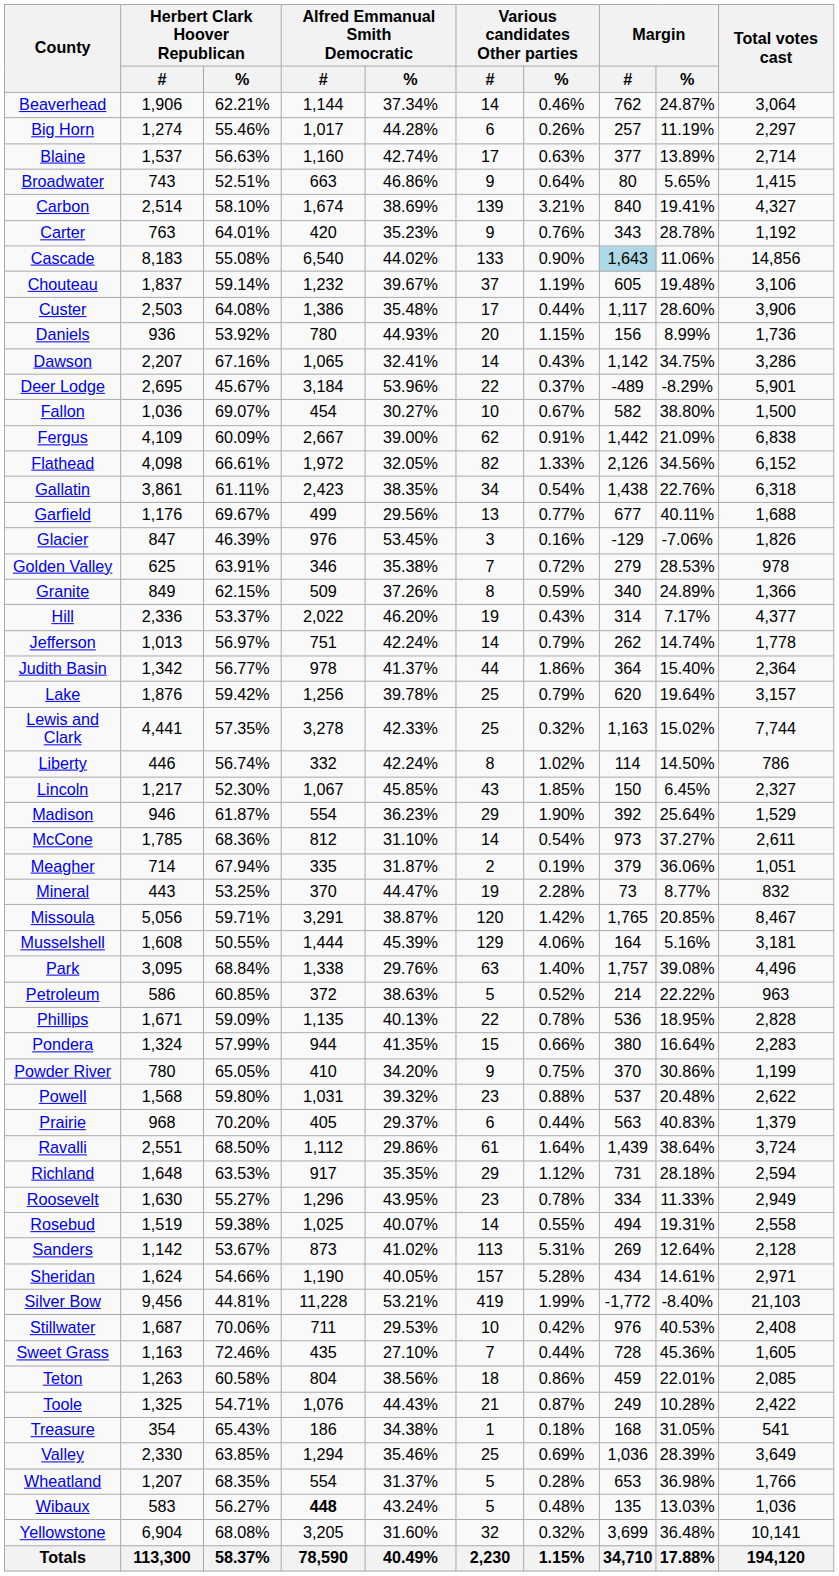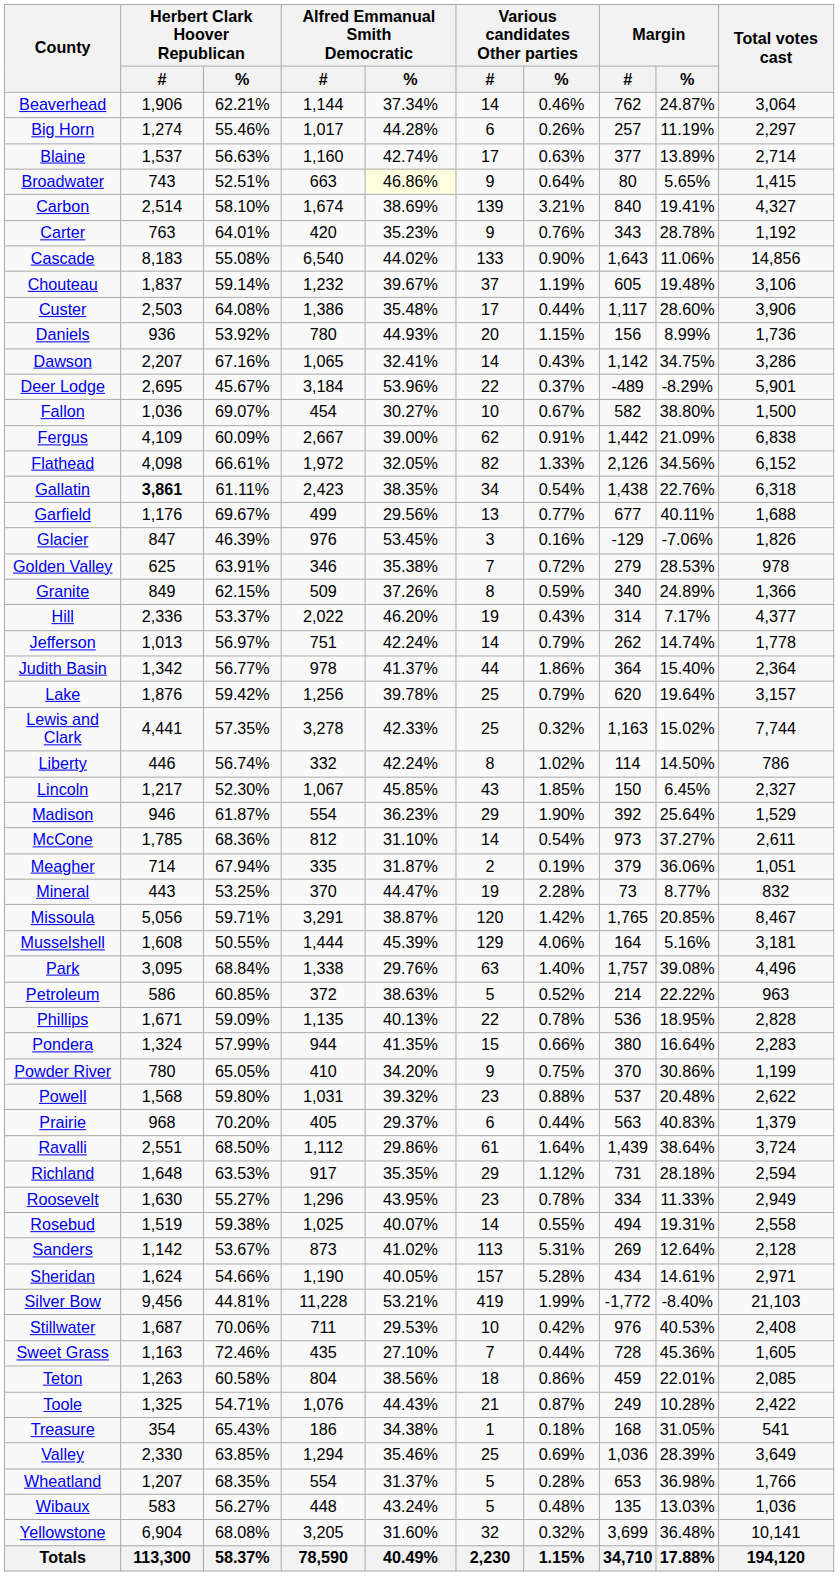 <table width="65%"  class="wikitable sortable" style="text-align:center">
 <tr>
 <th colspan="1" rowspan="2">County</th>
 <th style="text-align:center;" colspan="2">Herbert Clark Hoover<br>Republican</th>
 <th style="text-align:center;" colspan="2">Alfred Emmanual Smith<br> Democratic</th>
 <th style="text-align:center;" colspan="2">Various candidates<br>Other parties</th>
 <th style="text-align:center;" colspan="2">Margin</th>
 <th colspan="1" rowspan="2" style="text-align:center;">Total votes cast</th>
 </tr>
 <tr>
 <th style="text-align:center;" data-sort-type="number">#</th>
 <th style="text-align:center;" data-sort-type="number">%</th>
 <th style="text-align:center;" data-sort-type="number">#</th>
 <th style="text-align:center;" data-sort-type="number">%</th>
 <th style="text-align:center;" data-sort-type="number">#</th>
 <th style="text-align:center;" data-sort-type="number">%</th>
 <th style="text-align:center;" data-sort-type="number">#</th>
 <th style="text-align:center;" data-sort-type="number">%</th>
 </tr>
 <tr style="text-align:center;">
 <td><a href='#'>Beaverhead</a></td>
 <td>1,906</td>
 <td>62.21%</td>
 <td>1,144</td>
 <td>37.34%</td>
 <td>14</td>
 <td>0.46%</td>
 <td>762</td>
 <td>24.87%</td>
 <td>3,064</td>
 </tr>
 <tr style="text-align:center;">
 <td><a href='#'>Big Horn</a></td>
 <td>1,274</td>
 <td>55.46%</td>
 <td>1,017</td>
 <td>44.28%</td>
 <td>6</td>
 <td>0.26%</td>
 <td>257</td>
 <td>11.19%</td>
 <td>2,297</td>
 </tr>
 <tr style="text-align:center;">
 <td><a href='#'>Blaine</a></td>
 <td>1,537</td>
 <td>56.63%</td>
 <td>1,160</td>
 <td>42.74%</td>
 <td>17</td>
 <td>0.63%</td>
 <td>377</td>
 <td>13.89%</td>
 <td>2,714</td>
 </tr>
 <tr style="text-align:center;">
 <td><a href='#'>Broadwater</a></td>
 <td>743</td>
 <td>52.51%</td>
 <td>663</td>
-<td>46.86%</td>
+<td style="background: lightyellow;">46.86%</td>
 <td>9</td>
 <td>0.64%</td>
 <td>80</td>
 <td>5.65%</td>
 <td>1,415</td>
 </tr>
 <tr style="text-align:center;">
 <td><a href='#'>Carbon</a></td>
 <td>2,514</td>
 <td>58.10%</td>
 <td>1,674</td>
 <td>38.69%</td>
 <td>139</td>
 <td>3.21%</td>
 <td>840</td>
 <td>19.41%</td>
 <td>4,327</td>
 </tr>
 <tr style="text-align:center;">
 <td><a href='#'>Carter</a></td>
 <td>763</td>
 <td>64.01%</td>
 <td>420</td>
 <td>35.23%</td>
 <td>9</td>
 <td>0.76%</td>
 <td>343</td>
 <td>28.78%</td>
 <td>1,192</td>
 </tr>
 <tr style="text-align:center;">
 <td><a href='#'>Cascade</a></td>
 <td>8,183</td>
 <td>55.08%</td>
 <td>6,540</td>
 <td>44.02%</td>
 <td>133</td>
 <td>0.90%</td>
-<td style="background: lightblue;">1,643</td>
+<td>1,643</td>
 <td>11.06%</td>
 <td>14,856</td>
 </tr>
 <tr style="text-align:center;">
 <td><a href='#'>Chouteau</a></td>
 <td>1,837</td>
 <td>59.14%</td>
 <td>1,232</td>
 <td>39.67%</td>
 <td>37</td>
 <td>1.19%</td>
 <td>605</td>
 <td>19.48%</td>
 <td>3,106</td>
 </tr>
 <tr style="text-align:center;">
 <td><a href='#'>Custer</a></td>
 <td>2,503</td>
 <td>64.08%</td>
 <td>1,386</td>
 <td>35.48%</td>
 <td>17</td>
 <td>0.44%</td>
 <td>1,117</td>
 <td>28.60%</td>
 <td>3,906</td>
 </tr>
 <tr style="text-align:center;">
 <td><a href='#'>Daniels</a></td>
 <td>936</td>
 <td>53.92%</td>
 <td>780</td>
 <td>44.93%</td>
 <td>20</td>
 <td>1.15%</td>
 <td>156</td>
 <td>8.99%</td>
 <td>1,736</td>
 </tr>
 <tr style="text-align:center;">
 <td><a href='#'>Dawson</a></td>
 <td>2,207</td>
 <td>67.16%</td>
 <td>1,065</td>
 <td>32.41%</td>
 <td>14</td>
 <td>0.43%</td>
 <td>1,142</td>
 <td>34.75%</td>
 <td>3,286</td>
 </tr>
 <tr style="text-align:center;">
 <td><a href='#'>Deer Lodge</a></td>
 <td>2,695</td>
 <td>45.67%</td>
 <td>3,184</td>
 <td>53.96%</td>
 <td>22</td>
 <td>0.37%</td>
 <td>-489</td>
 <td>-8.29%</td>
 <td>5,901</td>
 </tr>
 <tr style="text-align:center;">
 <td><a href='#'>Fallon</a></td>
 <td>1,036</td>
 <td>69.07%</td>
 <td>454</td>
 <td>30.27%</td>
 <td>10</td>
 <td>0.67%</td>
 <td>582</td>
 <td>38.80%</td>
 <td>1,500</td>
 </tr>
 <tr style="text-align:center;">
 <td><a href='#'>Fergus</a></td>
 <td>4,109</td>
 <td>60.09%</td>
 <td>2,667</td>
 <td>39.00%</td>
 <td>62</td>
 <td>0.91%</td>
 <td>1,442</td>
 <td>21.09%</td>
 <td>6,838</td>
 </tr>
 <tr style="text-align:center;">
 <td><a href='#'>Flathead</a></td>
 <td>4,098</td>
 <td>66.61%</td>
 <td>1,972</td>
 <td>32.05%</td>
 <td>82</td>
 <td>1.33%</td>
 <td>2,126</td>
 <td>34.56%</td>
 <td>6,152</td>
 </tr>
 <tr style="text-align:center;">
 <td><a href='#'>Gallatin</a></td>
-<td>3,861</td>
+<td><strong>3,861</strong></td>
 <td>61.11%</td>
 <td>2,423</td>
 <td>38.35%</td>
 <td>34</td>
 <td>0.54%</td>
 <td>1,438</td>
 <td>22.76%</td>
 <td>6,318</td>
 </tr>
 <tr style="text-align:center;">
 <td><a href='#'>Garfield</a></td>
 <td>1,176</td>
 <td>69.67%</td>
 <td>499</td>
 <td>29.56%</td>
 <td>13</td>
 <td>0.77%</td>
 <td>677</td>
 <td>40.11%</td>
 <td>1,688</td>
 </tr>
 <tr style="text-align:center;">
 <td><a href='#'>Glacier</a></td>
 <td>847</td>
 <td>46.39%</td>
 <td>976</td>
 <td>53.45%</td>
 <td>3</td>
 <td>0.16%</td>
 <td>-129</td>
 <td>-7.06%</td>
 <td>1,826</td>
 </tr>
 <tr style="text-align:center;">
 <td><a href='#'>Golden Valley</a></td>
 <td>625</td>
 <td>63.91%</td>
 <td>346</td>
 <td>35.38%</td>
 <td>7</td>
 <td>0.72%</td>
 <td>279</td>
 <td>28.53%</td>
 <td>978</td>
 </tr>
 <tr style="text-align:center;">
 <td><a href='#'>Granite</a></td>
 <td>849</td>
 <td>62.15%</td>
 <td>509</td>
 <td>37.26%</td>
 <td>8</td>
 <td>0.59%</td>
 <td>340</td>
 <td>24.89%</td>
 <td>1,366</td>
 </tr>
 <tr style="text-align:center;">
 <td><a href='#'>Hill</a></td>
 <td>2,336</td>
 <td>53.37%</td>
 <td>2,022</td>
 <td>46.20%</td>
 <td>19</td>
 <td>0.43%</td>
 <td>314</td>
 <td>7.17%</td>
 <td>4,377</td>
 </tr>
 <tr style="text-align:center;">
 <td><a href='#'>Jefferson</a></td>
 <td>1,013</td>
 <td>56.97%</td>
 <td>751</td>
 <td>42.24%</td>
 <td>14</td>
 <td>0.79%</td>
 <td>262</td>
 <td>14.74%</td>
 <td>1,778</td>
 </tr>
 <tr style="text-align:center;">
 <td><a href='#'>Judith Basin</a></td>
 <td>1,342</td>
 <td>56.77%</td>
 <td>978</td>
 <td>41.37%</td>
 <td>44</td>
 <td>1.86%</td>
 <td>364</td>
 <td>15.40%</td>
 <td>2,364</td>
 </tr>
 <tr style="text-align:center;">
 <td><a href='#'>Lake</a></td>
 <td>1,876</td>
 <td>59.42%</td>
 <td>1,256</td>
 <td>39.78%</td>
 <td>25</td>
 <td>0.79%</td>
 <td>620</td>
 <td>19.64%</td>
 <td>3,157</td>
 </tr>
 <tr style="text-align:center;">
 <td><a href='#'>Lewis and Clark</a></td>
 <td>4,441</td>
 <td>57.35%</td>
 <td>3,278</td>
 <td>42.33%</td>
 <td>25</td>
 <td>0.32%</td>
 <td>1,163</td>
 <td>15.02%</td>
 <td>7,744</td>
 </tr>
 <tr style="text-align:center;">
 <td><a href='#'>Liberty</a></td>
 <td>446</td>
 <td>56.74%</td>
 <td>332</td>
 <td>42.24%</td>
 <td>8</td>
 <td>1.02%</td>
 <td>114</td>
 <td>14.50%</td>
 <td>786</td>
 </tr>
 <tr style="text-align:center;">
 <td><a href='#'>Lincoln</a></td>
 <td>1,217</td>
 <td>52.30%</td>
 <td>1,067</td>
 <td>45.85%</td>
 <td>43</td>
 <td>1.85%</td>
 <td>150</td>
 <td>6.45%</td>
 <td>2,327</td>
 </tr>
 <tr style="text-align:center;">
 <td><a href='#'>Madison</a></td>
 <td>946</td>
 <td>61.87%</td>
 <td>554</td>
 <td>36.23%</td>
 <td>29</td>
 <td>1.90%</td>
 <td>392</td>
 <td>25.64%</td>
 <td>1,529</td>
 </tr>
 <tr style="text-align:center;">
 <td><a href='#'>McCone</a></td>
 <td>1,785</td>
 <td>68.36%</td>
 <td>812</td>
 <td>31.10%</td>
 <td>14</td>
 <td>0.54%</td>
 <td>973</td>
 <td>37.27%</td>
 <td>2,611</td>
 </tr>
 <tr style="text-align:center;">
 <td><a href='#'>Meagher</a></td>
 <td>714</td>
 <td>67.94%</td>
 <td>335</td>
 <td>31.87%</td>
 <td>2</td>
 <td>0.19%</td>
 <td>379</td>
 <td>36.06%</td>
 <td>1,051</td>
 </tr>
 <tr style="text-align:center;">
 <td><a href='#'>Mineral</a></td>
 <td>443</td>
 <td>53.25%</td>
 <td>370</td>
 <td>44.47%</td>
 <td>19</td>
 <td>2.28%</td>
 <td>73</td>
 <td>8.77%</td>
 <td>832</td>
 </tr>
 <tr style="text-align:center;">
 <td><a href='#'>Missoula</a></td>
 <td>5,056</td>
 <td>59.71%</td>
 <td>3,291</td>
 <td>38.87%</td>
 <td>120</td>
 <td>1.42%</td>
 <td>1,765</td>
 <td>20.85%</td>
 <td>8,467</td>
 </tr>
 <tr style="text-align:center;">
 <td><a href='#'>Musselshell</a></td>
 <td>1,608</td>
 <td>50.55%</td>
 <td>1,444</td>
 <td>45.39%</td>
 <td>129</td>
 <td>4.06%</td>
 <td>164</td>
 <td>5.16%</td>
 <td>3,181</td>
 </tr>
 <tr style="text-align:center;">
 <td><a href='#'>Park</a></td>
 <td>3,095</td>
 <td>68.84%</td>
 <td>1,338</td>
 <td>29.76%</td>
 <td>63</td>
 <td>1.40%</td>
 <td>1,757</td>
 <td>39.08%</td>
 <td>4,496</td>
 </tr>
 <tr style="text-align:center;">
 <td><a href='#'>Petroleum</a></td>
 <td>586</td>
 <td>60.85%</td>
 <td>372</td>
 <td>38.63%</td>
 <td>5</td>
 <td>0.52%</td>
 <td>214</td>
 <td>22.22%</td>
 <td>963</td>
 </tr>
 <tr style="text-align:center;">
 <td><a href='#'>Phillips</a></td>
 <td>1,671</td>
 <td>59.09%</td>
 <td>1,135</td>
 <td>40.13%</td>
 <td>22</td>
 <td>0.78%</td>
 <td>536</td>
 <td>18.95%</td>
 <td>2,828</td>
 </tr>
 <tr style="text-align:center;">
 <td><a href='#'>Pondera</a></td>
 <td>1,324</td>
 <td>57.99%</td>
 <td>944</td>
 <td>41.35%</td>
 <td>15</td>
 <td>0.66%</td>
 <td>380</td>
 <td>16.64%</td>
 <td>2,283</td>
 </tr>
 <tr style="text-align:center;">
 <td><a href='#'>Powder River</a></td>
 <td>780</td>
 <td>65.05%</td>
 <td>410</td>
 <td>34.20%</td>
 <td>9</td>
 <td>0.75%</td>
 <td>370</td>
 <td>30.86%</td>
 <td>1,199</td>
 </tr>
 <tr style="text-align:center;">
 <td><a href='#'>Powell</a></td>
 <td>1,568</td>
 <td>59.80%</td>
 <td>1,031</td>
 <td>39.32%</td>
 <td>23</td>
 <td>0.88%</td>
 <td>537</td>
 <td>20.48%</td>
 <td>2,622</td>
 </tr>
 <tr style="text-align:center;">
 <td><a href='#'>Prairie</a></td>
 <td>968</td>
 <td>70.20%</td>
 <td>405</td>
 <td>29.37%</td>
 <td>6</td>
 <td>0.44%</td>
 <td>563</td>
 <td>40.83%</td>
 <td>1,379</td>
 </tr>
 <tr style="text-align:center;">
 <td><a href='#'>Ravalli</a></td>
 <td>2,551</td>
 <td>68.50%</td>
 <td>1,112</td>
 <td>29.86%</td>
 <td>61</td>
 <td>1.64%</td>
 <td>1,439</td>
 <td>38.64%</td>
 <td>3,724</td>
 </tr>
 <tr style="text-align:center;">
 <td><a href='#'>Richland</a></td>
 <td>1,648</td>
 <td>63.53%</td>
 <td>917</td>
 <td>35.35%</td>
 <td>29</td>
 <td>1.12%</td>
 <td>731</td>
 <td>28.18%</td>
 <td>2,594</td>
 </tr>
 <tr style="text-align:center;">
 <td><a href='#'>Roosevelt</a></td>
 <td>1,630</td>
 <td>55.27%</td>
 <td>1,296</td>
 <td>43.95%</td>
 <td>23</td>
 <td>0.78%</td>
 <td>334</td>
 <td>11.33%</td>
 <td>2,949</td>
 </tr>
 <tr style="text-align:center;">
 <td><a href='#'>Rosebud</a></td>
 <td>1,519</td>
 <td>59.38%</td>
 <td>1,025</td>
 <td>40.07%</td>
 <td>14</td>
 <td>0.55%</td>
 <td>494</td>
 <td>19.31%</td>
 <td>2,558</td>
 </tr>
 <tr style="text-align:center;">
 <td><a href='#'>Sanders</a></td>
 <td>1,142</td>
 <td>53.67%</td>
 <td>873</td>
 <td>41.02%</td>
 <td>113</td>
 <td>5.31%</td>
 <td>269</td>
 <td>12.64%</td>
 <td>2,128</td>
 </tr>
 <tr style="text-align:center;">
 <td><a href='#'>Sheridan</a></td>
 <td>1,624</td>
 <td>54.66%</td>
 <td>1,190</td>
 <td>40.05%</td>
 <td>157</td>
 <td>5.28%</td>
 <td>434</td>
 <td>14.61%</td>
 <td>2,971</td>
 </tr>
 <tr style="text-align:center;">
 <td><a href='#'>Silver Bow</a></td>
 <td>9,456</td>
 <td>44.81%</td>
 <td>11,228</td>
 <td>53.21%</td>
 <td>419</td>
 <td>1.99%</td>
 <td>-1,772</td>
 <td>-8.40%</td>
 <td>21,103</td>
 </tr>
 <tr style="text-align:center;">
 <td><a href='#'>Stillwater</a></td>
 <td>1,687</td>
 <td>70.06%</td>
 <td>711</td>
 <td>29.53%</td>
 <td>10</td>
 <td>0.42%</td>
 <td>976</td>
 <td>40.53%</td>
 <td>2,408</td>
 </tr>
 <tr style="text-align:center;">
 <td><a href='#'>Sweet Grass</a></td>
 <td>1,163</td>
 <td>72.46%</td>
 <td>435</td>
 <td>27.10%</td>
 <td>7</td>
 <td>0.44%</td>
 <td>728</td>
 <td>45.36%</td>
 <td>1,605</td>
 </tr>
 <tr style="text-align:center;">
 <td><a href='#'>Teton</a></td>
 <td>1,263</td>
 <td>60.58%</td>
 <td>804</td>
 <td>38.56%</td>
 <td>18</td>
 <td>0.86%</td>
 <td>459</td>
 <td>22.01%</td>
 <td>2,085</td>
 </tr>
 <tr style="text-align:center;">
 <td><a href='#'>Toole</a></td>
 <td>1,325</td>
 <td>54.71%</td>
 <td>1,076</td>
 <td>44.43%</td>
 <td>21</td>
 <td>0.87%</td>
 <td>249</td>
 <td>10.28%</td>
 <td>2,422</td>
 </tr>
 <tr style="text-align:center;">
 <td><a href='#'>Treasure</a></td>
 <td>354</td>
 <td>65.43%</td>
 <td>186</td>
 <td>34.38%</td>
 <td>1</td>
 <td>0.18%</td>
 <td>168</td>
 <td>31.05%</td>
 <td>541</td>
 </tr>
 <tr style="text-align:center;">
 <td><a href='#'>Valley</a></td>
 <td>2,330</td>
 <td>63.85%</td>
 <td>1,294</td>
 <td>35.46%</td>
 <td>25</td>
 <td>0.69%</td>
 <td>1,036</td>
 <td>28.39%</td>
 <td>3,649</td>
 </tr>
 <tr style="text-align:center;">
 <td><a href='#'>Wheatland</a></td>
 <td>1,207</td>
 <td>68.35%</td>
 <td>554</td>
 <td>31.37%</td>
 <td>5</td>
 <td>0.28%</td>
 <td>653</td>
 <td>36.98%</td>
 <td>1,766</td>
 </tr>
 <tr style="text-align:center;">
 <td><a href='#'>Wibaux</a></td>
 <td>583</td>
 <td>56.27%</td>
-<td><strong>448</strong></td>
+<td>448</td>
 <td>43.24%</td>
 <td>5</td>
 <td>0.48%</td>
 <td>135</td>
 <td>13.03%</td>
 <td>1,036</td>
 </tr>
 <tr style="text-align:center;">
 <td><a href='#'>Yellowstone</a></td>
 <td>6,904</td>
 <td>68.08%</td>
 <td>3,205</td>
 <td>31.60%</td>
 <td>32</td>
 <td>0.32%</td>
 <td>3,699</td>
 <td>36.48%</td>
 <td>10,141</td>
 </tr>
 <tr style="text-align:center;">
 <th>Totals</th>
 <th>113,300</th>
 <th>58.37%</th>
 <th>78,590</th>
 <th>40.49%</th>
 <th>2,230</th>
 <th>1.15%</th>
 <th>34,710</th>
 <th>17.88%</th>
 <th>194,120</th>
 </tr>
 </table>
